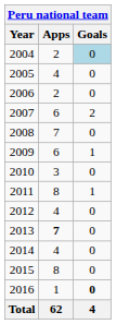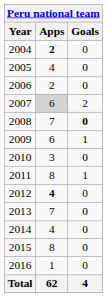 <table class="wikitable" style="text-align:center">
 <tr>
 <th colspan="3"><a href='#'>Peru national team</a></th>
 </tr>
 <tr>
 <th>Year</th>
 <th>Apps</th>
 <th>Goals</th>
 </tr>
 <tr>
 <td>2004</td>
-<td>2</td>
-<td style="background: lightblue;">0</td>
+<td><strong>2</strong></td>
+<td>0</td>
 </tr>
 <tr>
 <td>2005</td>
 <td>4</td>
 <td>0</td>
 </tr>
 <tr>
 <td>2006</td>
 <td>2</td>
 <td>0</td>
 </tr>
 <tr>
 <td>2007</td>
-<td>6</td>
+<td style="background: lightgrey;">6</td>
 <td>2</td>
 </tr>
 <tr>
 <td>2008</td>
 <td>7</td>
-<td>0</td>
+<td><strong>0</strong></td>
 </tr>
 <tr>
 <td>2009</td>
 <td>6</td>
 <td>1</td>
 </tr>
 <tr>
 <td>2010</td>
 <td>3</td>
 <td>0</td>
 </tr>
 <tr>
 <td>2011</td>
 <td>8</td>
 <td>1</td>
 </tr>
 <tr>
 <td>2012</td>
-<td>4</td>
+<td><strong>4</strong></td>
 <td>0</td>
 </tr>
 <tr>
 <td>2013</td>
-<td><strong>7</strong></td>
+<td>7</td>
 <td>0</td>
 </tr>
 <tr>
 <td>2014</td>
 <td>4</td>
 <td>0</td>
 </tr>
 <tr>
 <td>2015</td>
 <td>8</td>
 <td>0</td>
 </tr>
 <tr>
 <td>2016</td>
 <td>1</td>
-<td><strong>0</strong></td>
+<td>0</td>
 </tr>
 <tr>
 <th>Total</th>
 <th>62</th>
 <th>4</th>
 </tr>
 </table>
